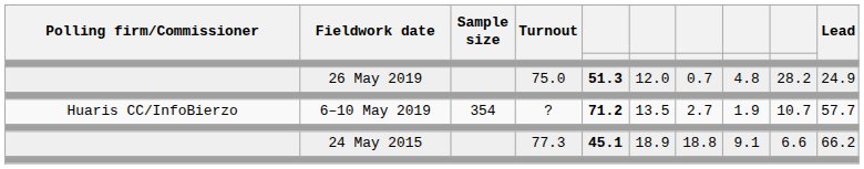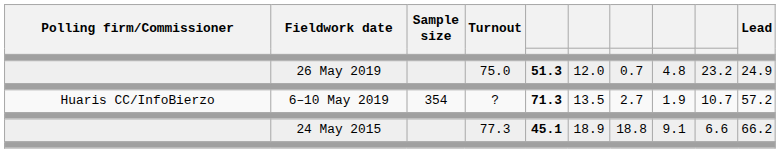 <table class="wikitable collapsible collapsed" style="text-align:center; font-size:95%; line-height:16px;">
 <tr style="height:42px;">
 <th style="width:250px;" rowspan="2">Polling firm/Commissioner</th>
 <th style="width:125px;" rowspan="2">Fieldwork date</th>
 <th style="width:50px;" rowspan="2">Sample size</th>
 <th style="width:45px;" rowspan="2">Turnout</th>
 <th style="width:35px;"></th>
 <th style="width:35px;"></th>
 <th style="width:35px;"></th>
 <th style="width:35px;"></th>
 <th style="width:35px;"></th>
 <th style="width:30px;" rowspan="2">Lead</th>
 </tr>
 <tr>
 <th style="color:inherit;background:"></th>
 <th style="color:inherit;background:"></th>
 <th style="color:inherit;background:"></th>
 <th style="color:inherit;background:"></th>
 <th style="color:inherit;background:"></th>
 </tr>
 <tr>
 <td colspan="11" style="background:#A0A0A0"></td>
 </tr>
 <tr style="background:#EFEFEF;">
 <td><strong></strong></td>
 <td>26 May 2019</td>
 <td></td>
 <td>75.0</td>
 <td><strong>51.3</strong><br></td>
 <td>12.0<br></td>
 <td>0.7<br></td>
 <td>4.8<br></td>
-<td>28.2<br></td>
+<td>23.2<br></td>
 <td style="background:">24.9</td>
 </tr>
 <tr>
 <td colspan="11" style="background:#A0A0A0"></td>
 </tr>
 <tr>
 <td>Huaris CC/InfoBierzo</td>
 <td>6–10 May 2019</td>
 <td>354</td>
 <td>?</td>
-<td><strong>71.2</strong></td>
+<td><strong>71.3</strong></td>
 <td>13.5</td>
 <td>2.7</td>
 <td>1.9</td>
 <td>10.7</td>
-<td style="background:">57.7</td>
+<td style="background:">57.2</td>
 </tr>
 <tr>
 <td colspan="11" style="background:#A0A0A0"></td>
 </tr>
 <tr style="background:#EFEFEF;">
 <td><strong></strong></td>
 <td>24 May 2015</td>
 <td></td>
 <td>77.3</td>
 <td><strong>45.1</strong><br></td>
 <td>18.9<br></td>
 <td>18.8<br></td>
 <td>9.1<br></td>
 <td>6.6<br></td>
 <td style="background:">66.2</td>
 </tr>
 <tr>
 <td colspan="11" style="background:#A0A0A0"></td>
 </tr>
 </table>
